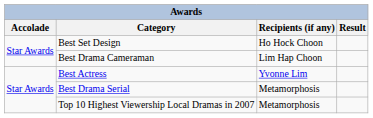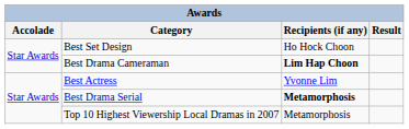 <table class="wikitable sortable">
 <tr style="background:#ccc; text-align:center;">
 <th colspan="4" style="background: LightSteelBlue;">Awards</th>
 </tr>
 <tr style="background:#ccc; text-align:center;">
 <th>Accolade</th>
 <th>Category</th>
 <th>Recipients (if any)</th>
 <th>Result</th>
 </tr>
 <tr>
 <td rowspan="2"><a href='#'>Star Awards</a></td>
 <td>Best Set Design</td>
 <td>Ho Hock Choon</td>
 <td></td>
 </tr>
 <tr>
 <td>Best Drama Cameraman</td>
-<td>Lim Hap Choon</td>
+<td><strong>Lim Hap Choon</strong></td>
 <td></td>
 </tr>
 <tr>
 <td rowspan="3"><a href='#'>Star Awards</a></td>
 <td><a href='#'>Best Actress</a></td>
 <td><a href='#'>Yvonne Lim</a></td>
 <td></td>
 </tr>
 <tr>
 <td><a href='#'>Best Drama Serial</a></td>
-<td>Metamorphosis</td>
+<td><strong>Metamorphosis</strong></td>
 <td></td>
 </tr>
 <tr>
 <td>Top 10 Highest Viewership Local Dramas in 2007</td>
 <td>Metamorphosis</td>
 <td></td>
 </tr>
 </table>
